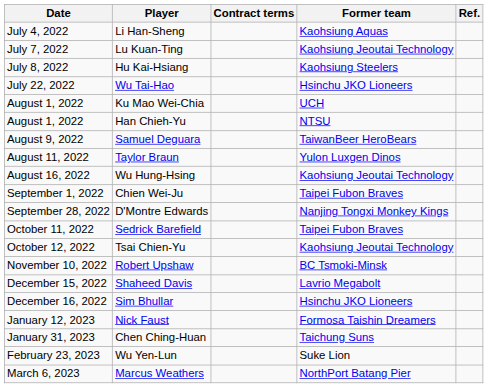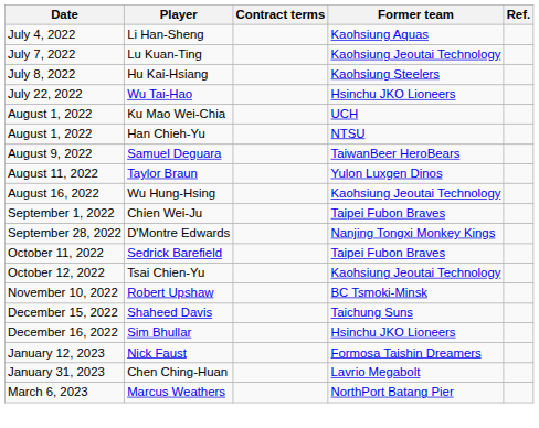 <table class="wikitable">
 <tr>
 <th>Date</th>
 <th>Player</th>
 <th>Contract terms</th>
 <th>Former team</th>
 <th>Ref.</th>
 </tr>
 <tr>
 <td>July 4, 2022</td>
 <td>Li Han-Sheng</td>
 <td></td>
 <td> <a href='#'>Kaohsiung Aquas</a></td>
 <td></td>
 </tr>
 <tr>
 <td>July 7, 2022</td>
 <td>Lu Kuan-Ting</td>
 <td></td>
 <td> <a href='#'>Kaohsiung Jeoutai Technology</a></td>
 <td></td>
 </tr>
 <tr>
 <td>July 8, 2022</td>
 <td>Hu Kai-Hsiang</td>
 <td></td>
 <td> <a href='#'>Kaohsiung Steelers</a></td>
 <td></td>
 </tr>
 <tr>
 <td>July 22, 2022</td>
 <td><a href='#'>Wu Tai-Hao</a></td>
 <td></td>
 <td> <a href='#'>Hsinchu JKO Lioneers</a></td>
 <td></td>
 </tr>
 <tr>
 <td>August 1, 2022</td>
 <td>Ku Mao Wei-Chia</td>
 <td></td>
 <td> <a href='#'>UCH</a></td>
 <td></td>
 </tr>
 <tr>
 <td>August 1, 2022</td>
 <td>Han Chieh-Yu</td>
 <td></td>
 <td> <a href='#'>NTSU</a></td>
 <td></td>
 </tr>
 <tr>
 <td>August 9, 2022</td>
 <td><a href='#'>Samuel Deguara</a></td>
 <td></td>
 <td> <a href='#'>TaiwanBeer HeroBears</a></td>
 <td></td>
 </tr>
 <tr>
 <td>August 11, 2022</td>
 <td><a href='#'>Taylor Braun</a></td>
 <td></td>
 <td> <a href='#'>Yulon Luxgen Dinos</a></td>
 <td></td>
 </tr>
 <tr>
 <td>August 16, 2022</td>
 <td>Wu Hung-Hsing</td>
 <td></td>
 <td> <a href='#'>Kaohsiung Jeoutai Technology</a></td>
 <td></td>
 </tr>
 <tr>
 <td>September 1, 2022</td>
 <td>Chien Wei-Ju</td>
 <td></td>
 <td> <a href='#'>Taipei Fubon Braves</a></td>
 <td></td>
 </tr>
 <tr>
 <td>September 28, 2022</td>
 <td>D'Montre Edwards</td>
 <td></td>
 <td> <a href='#'>Nanjing Tongxi Monkey Kings</a></td>
 <td></td>
 </tr>
 <tr>
 <td>October 11, 2022</td>
 <td><a href='#'>Sedrick Barefield</a></td>
 <td></td>
 <td> <a href='#'>Taipei Fubon Braves</a></td>
 <td></td>
 </tr>
 <tr>
 <td>October 12, 2022</td>
 <td>Tsai Chien-Yu</td>
 <td></td>
 <td> <a href='#'>Kaohsiung Jeoutai Technology</a></td>
 <td></td>
 </tr>
 <tr>
 <td>November 10, 2022</td>
 <td><a href='#'>Robert Upshaw</a></td>
 <td></td>
 <td> <a href='#'>BC Tsmoki-Minsk</a></td>
 <td></td>
 </tr>
 <tr>
 <td>December 15, 2022</td>
 <td><a href='#'>Shaheed Davis</a></td>
 <td></td>
-<td> <a href='#'>Lavrio Megabolt</a></td>
+<td> <a href='#'>Taichung Suns</a></td>
 <td></td>
 </tr>
 <tr>
 <td>December 16, 2022</td>
 <td><a href='#'>Sim Bhullar</a></td>
 <td></td>
 <td> <a href='#'>Hsinchu JKO Lioneers</a></td>
 <td></td>
 </tr>
 <tr>
 <td>January 12, 2023</td>
 <td><a href='#'>Nick Faust</a></td>
 <td></td>
 <td> <a href='#'>Formosa Taishin Dreamers</a></td>
 <td></td>
 </tr>
 <tr>
 <td>January 31, 2023</td>
 <td>Chen Ching-Huan</td>
 <td></td>
-<td> <a href='#'>Taichung Suns</a></td>
-<td></td>
-</tr>
-<tr>
-<td>February 23, 2023</td>
-<td>Wu Yen-Lun</td>
-<td></td>
-<td> Suke Lion</td>
+<td> <a href='#'>Lavrio Megabolt</a></td>
 <td></td>
 </tr>
 <tr>
 <td>March 6, 2023</td>
 <td><a href='#'>Marcus Weathers</a></td>
 <td></td>
 <td> <a href='#'>NorthPort Batang Pier</a></td>
 <td></td>
 </tr>
 </table>
